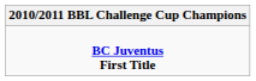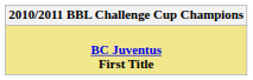 <table class=wikitable style="text-align:center; margin:auto">
 <tr>
 <th>2010/2011 BBL Challenge Cup Champions</th>
 </tr>
 <tr>
-<td><br><strong><a href='#'>BC Juventus</a></strong><br><strong>First Title</strong> <br></td>
+<td style="background: khaki;"><br><strong><a href='#'>BC Juventus</a></strong><br><strong>First Title</strong> <br></td>
 </tr>
 </table>
